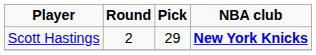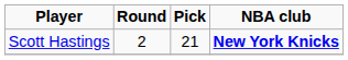 <table class="wikitable">
 <tr align="center">
 <td><strong>Player</strong></td>
 <td><strong>Round</strong></td>
 <td><strong>Pick</strong></td>
 <td><strong>NBA club</strong></td>
 </tr>
 <tr align="center" bgcolor="">
 <td><a href='#'>Scott Hastings</a></td>
 <td>2</td>
-<td>29</td>
+<td>21</td>
 <td><strong><a href='#'>New York Knicks</a></strong></td>
 </tr>
 <tr align="center" bgcolor="">
 </tr>
 </table>
